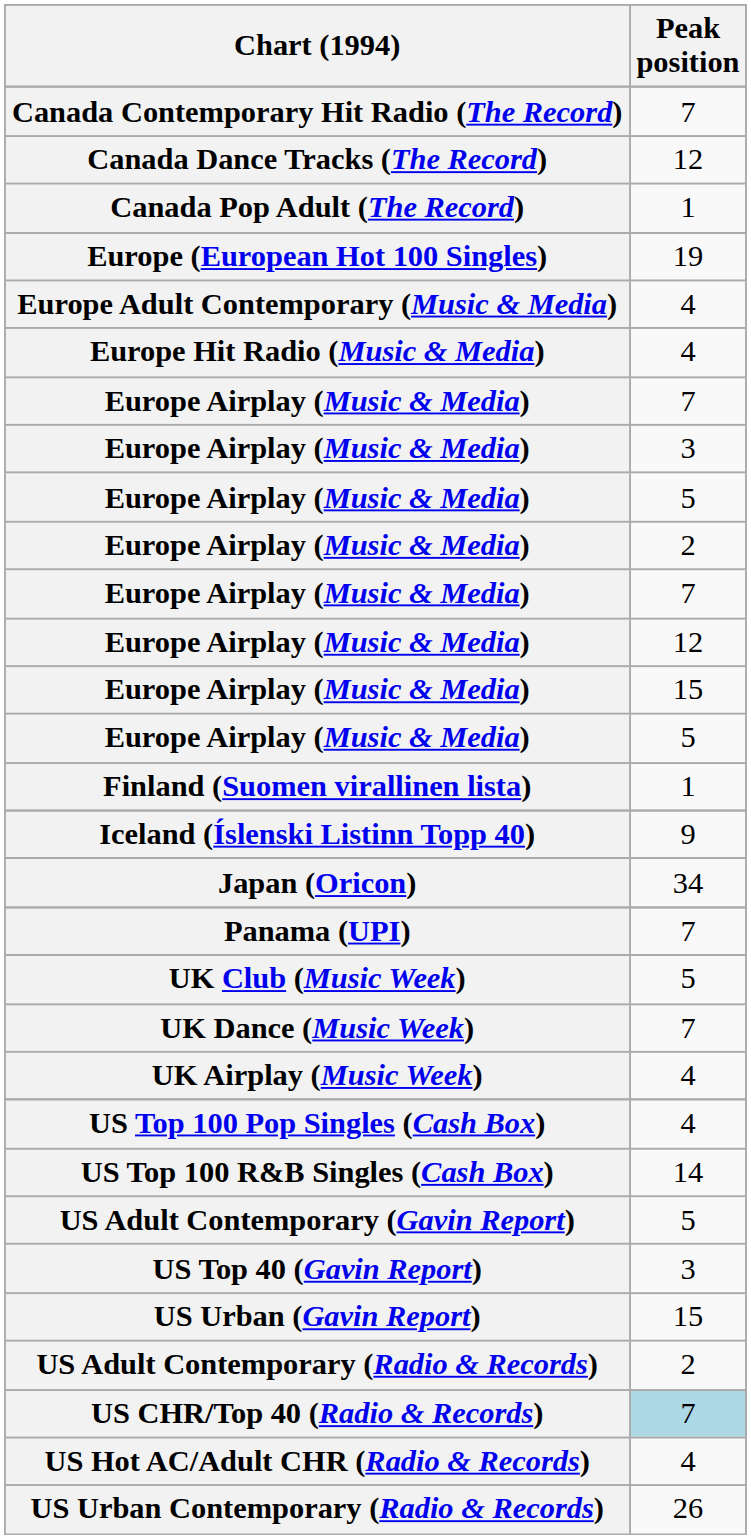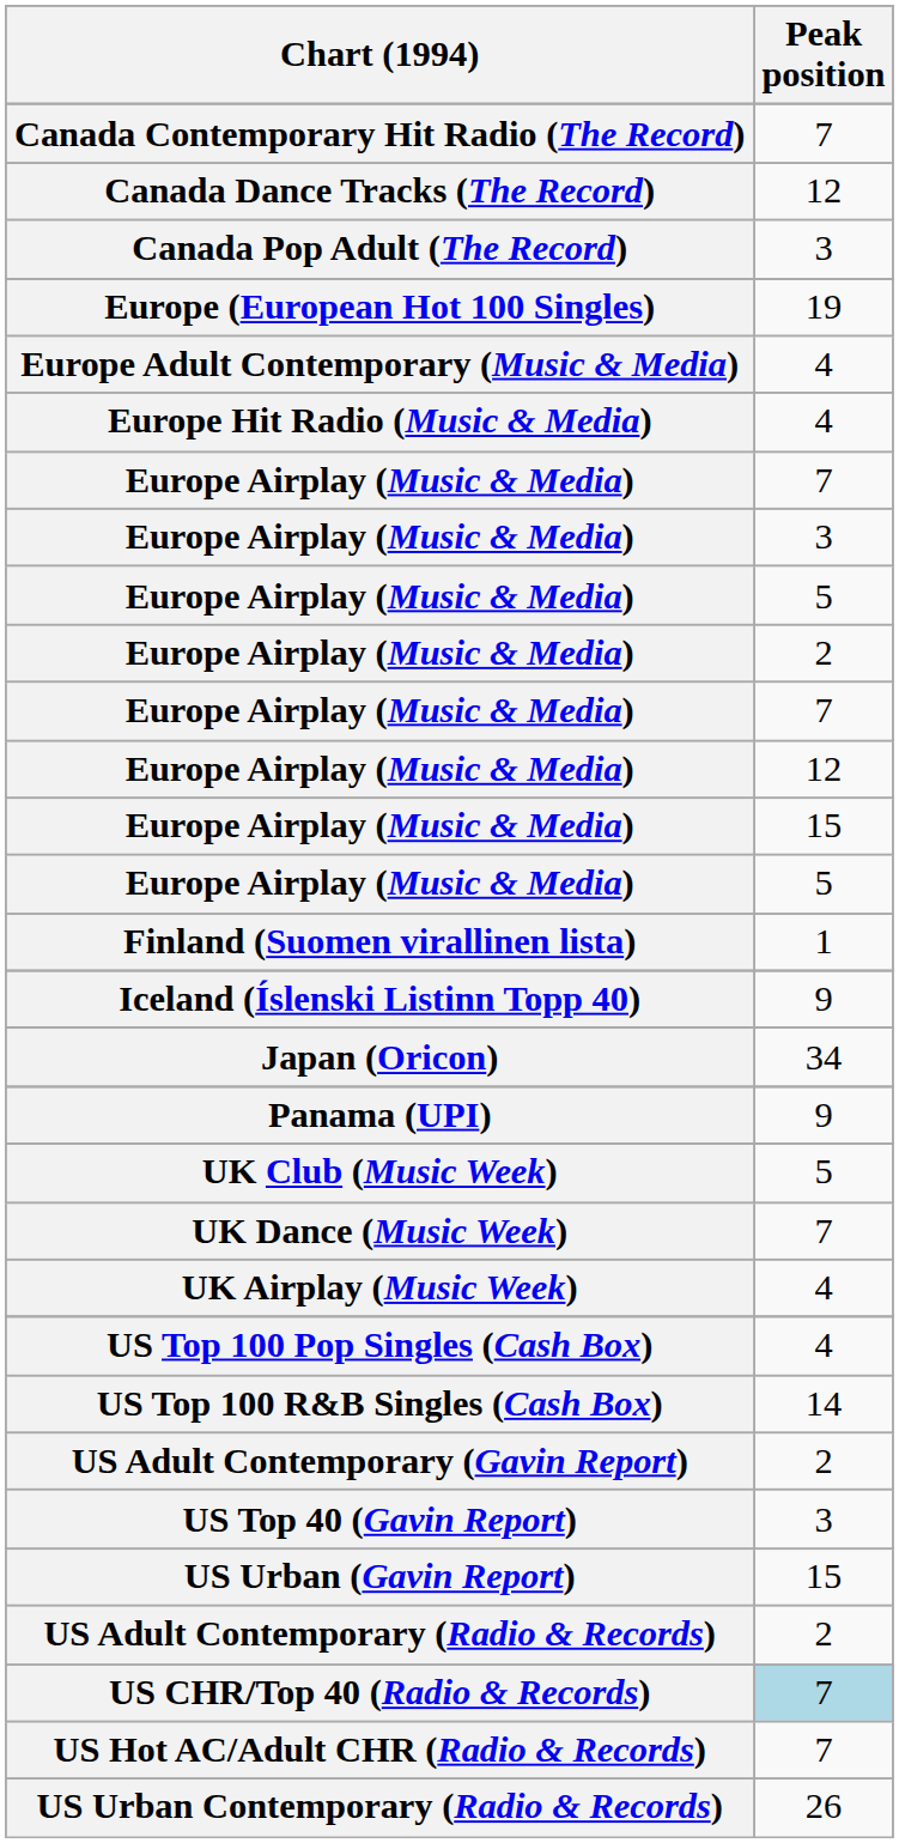 <table class="wikitable sortable plainrowheaders" style="text-align:center;">
 <tr>
 <th>Chart (1994)</th>
 <th>Peak<br>position</th>
 </tr>
 <tr>
 </tr>
 <tr>
 </tr>
 <tr>
 </tr>
 <tr>
 <th scope="row">Canada Contemporary Hit Radio (<em><a href='#'>The Record</a></em>)</th>
 <td>7</td>
 </tr>
 <tr>
 <th scope="row">Canada Dance Tracks (<em><a href='#'>The Record</a></em>)</th>
 <td>12</td>
 </tr>
 <tr>
 <th scope="row">Canada Pop Adult (<em><a href='#'>The Record</a></em>)</th>
-<td>1</td>
+<td>3</td>
 </tr>
 <tr>
 </tr>
 <tr>
 </tr>
 <tr>
 <th scope="row">Europe (<a href='#'>European Hot 100 Singles</a>)</th>
 <td>19</td>
 </tr>
 <tr>
 <th scope="row">Europe Adult Contemporary (<em><a href='#'>Music & Media</a></em>)</th>
 <td>4</td>
 </tr>
 <tr>
 <th scope="row">Europe Hit Radio (<em><a href='#'>Music & Media</a></em>)</th>
 <td>4</td>
 </tr>
 <tr>
 <th scope="row">Europe  Airplay (<em><a href='#'>Music & Media</a></em>)</th>
 <td>7</td>
 </tr>
 <tr>
 <th scope="row">Europe  Airplay (<em><a href='#'>Music & Media</a></em>)</th>
 <td>3</td>
 </tr>
 <tr>
 <th scope="row">Europe  Airplay (<em><a href='#'>Music & Media</a></em>)</th>
 <td>5</td>
 </tr>
 <tr>
 <th scope="row">Europe  Airplay (<em><a href='#'>Music & Media</a></em>)</th>
 <td>2</td>
 </tr>
 <tr>
 <th scope="row">Europe  Airplay (<em><a href='#'>Music & Media</a></em>)</th>
 <td>7</td>
 </tr>
 <tr>
 <th scope="row">Europe  Airplay (<em><a href='#'>Music & Media</a></em>)</th>
 <td>12</td>
 </tr>
 <tr>
 <th scope="row">Europe  Airplay (<em><a href='#'>Music & Media</a></em>)</th>
 <td>15</td>
 </tr>
 <tr>
 <th scope="row">Europe  Airplay (<em><a href='#'>Music & Media</a></em>)</th>
 <td>5</td>
 </tr>
 <tr>
 <th scope="row">Finland (<a href='#'>Suomen virallinen lista</a>)</th>
 <td>1</td>
 </tr>
 <tr>
 </tr>
 <tr>
 </tr>
 <tr>
 <th scope="row">Iceland (<a href='#'>Íslenski Listinn Topp 40</a>)</th>
 <td>9</td>
 </tr>
 <tr>
 </tr>
 <tr>
 <th scope="row">Japan (<a href='#'>Oricon</a>)</th>
 <td>34</td>
 </tr>
 <tr>
 </tr>
 <tr>
 </tr>
 <tr>
 </tr>
 <tr>
 <th scope="row">Panama (<a href='#'>UPI</a>)</th>
-<td>7</td>
+<td>9</td>
 </tr>
 <tr>
 </tr>
 <tr>
 </tr>
 <tr>
 </tr>
 <tr>
 <th scope="row">UK <a href='#'>Club</a> (<em><a href='#'>Music Week</a></em>)<br></th>
 <td>5</td>
 </tr>
 <tr>
 <th scope="row">UK Dance (<em><a href='#'>Music Week</a></em>)</th>
 <td>7</td>
 </tr>
 <tr>
 <th scope="row">UK Airplay (<em><a href='#'>Music Week</a></em>)</th>
 <td>4</td>
 </tr>
 <tr>
 </tr>
 <tr>
 </tr>
 <tr>
 </tr>
 <tr>
 </tr>
 <tr>
 </tr>
 <tr>
 </tr>
 <tr>
 </tr>
 <tr>
 <th scope="row">US <a href='#'>Top 100 Pop Singles</a> (<em><a href='#'>Cash Box</a></em>)</th>
 <td>4</td>
 </tr>
 <tr>
 <th scope="row">US Top 100 R&B Singles (<em><a href='#'>Cash Box</a></em>)</th>
 <td>14</td>
 </tr>
 <tr>
 <th scope="row">US Adult Contemporary (<em><a href='#'>Gavin Report</a></em>)</th>
-<td>5</td>
+<td>2</td>
 </tr>
 <tr>
 <th scope="row">US Top 40 (<em><a href='#'>Gavin Report</a></em>)</th>
 <td>3</td>
 </tr>
 <tr>
 <th scope="row">US Urban (<em><a href='#'>Gavin Report</a></em>)</th>
 <td>15</td>
 </tr>
 <tr>
 <th scope="row">US Adult Contemporary (<em><a href='#'>Radio & Records</a></em>)</th>
 <td>2</td>
 </tr>
 <tr>
 <th scope="row">US CHR/Top 40 (<em><a href='#'>Radio & Records</a></em>)</th>
 <td style="background: lightblue;">7</td>
 </tr>
 <tr>
 <th scope="row">US Hot AC/Adult CHR (<em><a href='#'>Radio & Records</a></em>)</th>
-<td>4</td>
+<td>7</td>
 </tr>
 <tr>
 <th scope="row">US Urban Contemporary (<em><a href='#'>Radio & Records</a></em>)</th>
 <td>26</td>
 </tr>
 </table>
